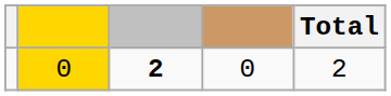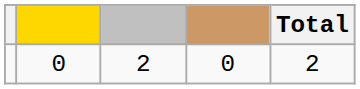 <table class="wikitable">
 <tr>
 <th></th>
 <th style="background-color:gold">        </th>
 <th style="background-color:silver">      </th>
 <th style="background-color:#CC9966">      </th>
 <th>Total</th>
 </tr>
 <tr align="center">
 <td></td>
-<td style="background: gold;">0</td>
-<td><strong>2</strong></td>
+<td>0</td>
+<td>2</td>
 <td>0</td>
 <td>2</td>
 </tr>
 </table>
